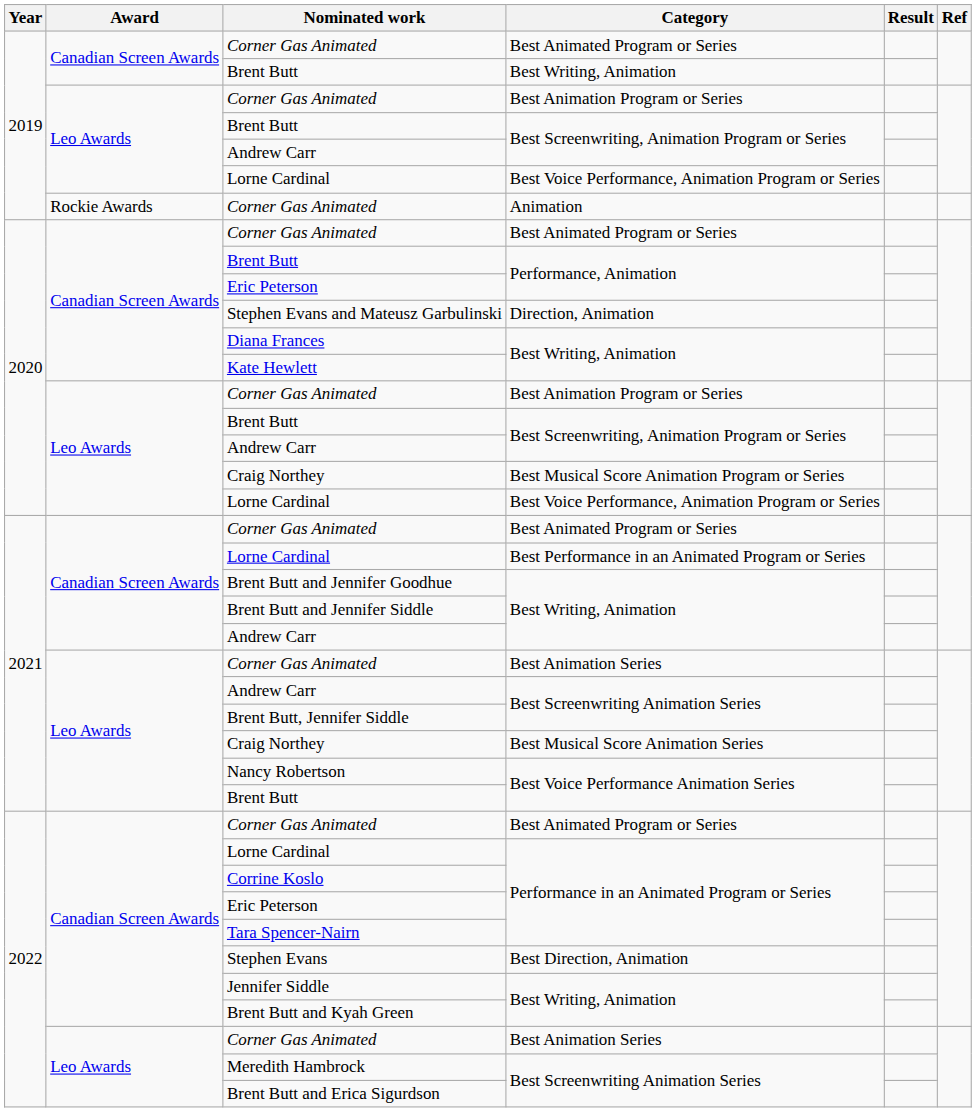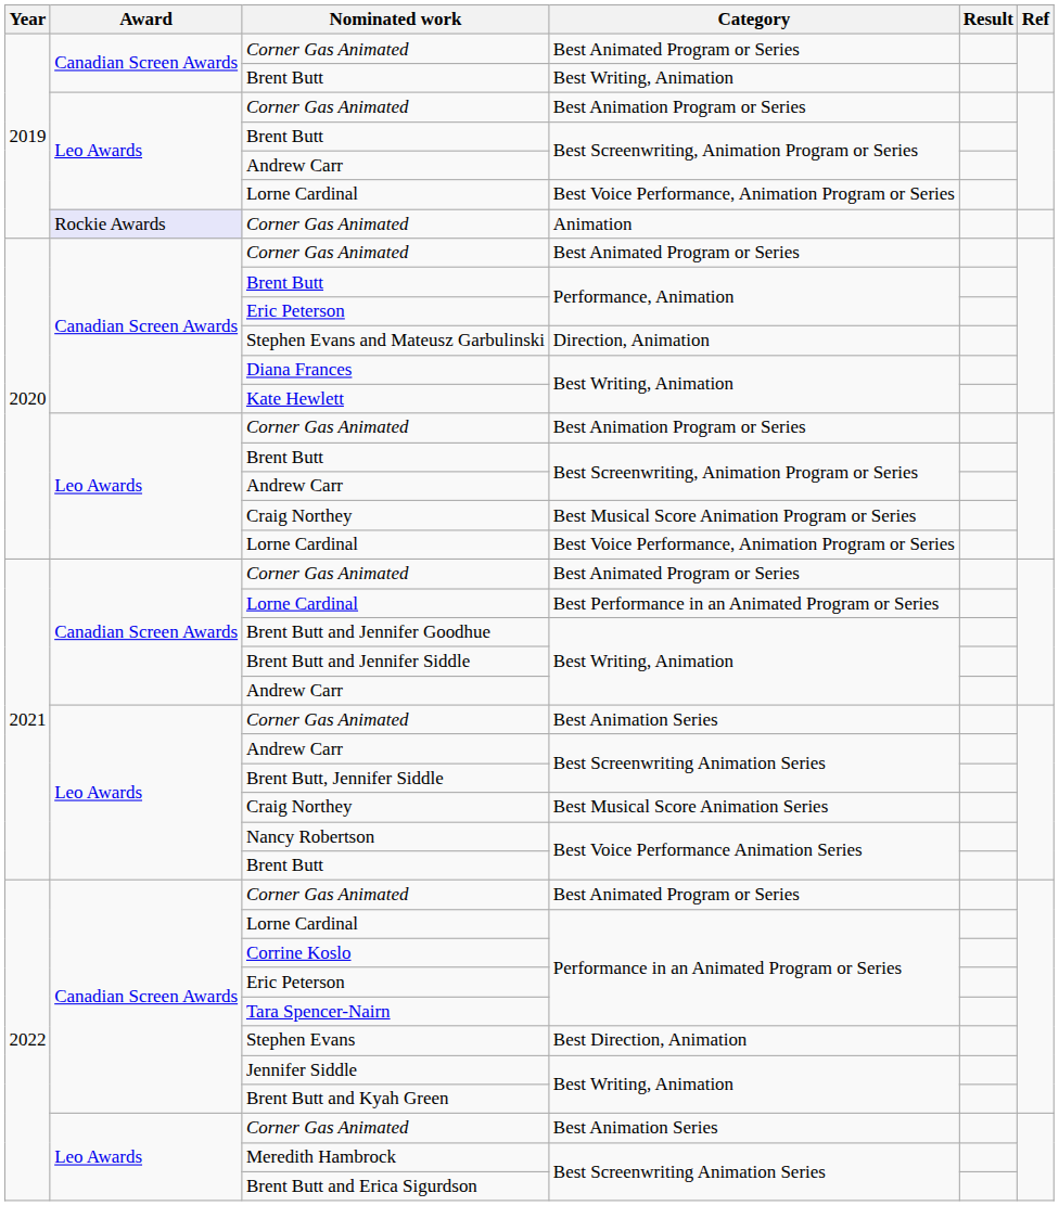 <table class="wikitable">
 <tr>
 <th style="text-align:center;">Year</th>
 <th style="text-align:center;">Award</th>
 <th style="text-align:center;">Nominated work</th>
 <th style="text-align:center;">Category</th>
 <th style="text-align:center;">Result</th>
 <th style="text-align:center;">Ref</th>
 </tr>
 <tr>
 <td rowspan="7">2019</td>
 <td rowspan="2"><a href='#'>Canadian Screen Awards</a></td>
 <td><em>Corner Gas Animated</em></td>
 <td>Best Animated Program or Series</td>
 <td></td>
 <td rowspan="2" style="text-align:center;"></td>
 </tr>
 <tr>
 <td>Brent Butt </td>
 <td>Best Writing, Animation</td>
 <td></td>
 </tr>
 <tr>
 <td rowspan="4"><a href='#'>Leo Awards</a></td>
 <td><em>Corner Gas Animated</em></td>
 <td>Best Animation Program or Series</td>
 <td></td>
 <td rowspan="4" style="text-align:center;"></td>
 </tr>
 <tr>
 <td>Brent Butt </td>
 <td rowspan=2>Best Screenwriting, Animation Program or Series</td>
 <td></td>
 </tr>
 <tr>
 <td>Andrew Carr </td>
 <td></td>
 </tr>
 <tr>
 <td>Lorne Cardinal </td>
 <td>Best Voice Performance, Animation Program or Series</td>
 <td></td>
 </tr>
 <tr>
-<td>Rockie Awards</td>
+<td style="background: lavender;">Rockie Awards</td>
 <td><em>Corner Gas Animated</em></td>
 <td>Animation</td>
 <td></td>
 <td style="text-align:center;"></td>
 </tr>
 <tr>
 <td rowspan="11">2020</td>
 <td rowspan="6"><a href='#'>Canadian Screen Awards</a></td>
 <td><em>Corner Gas Animated</em></td>
 <td>Best Animated Program or Series</td>
 <td></td>
 <td rowspan="6" style="text-align:center;"></td>
 </tr>
 <tr>
 <td><a href='#'>Brent Butt</a></td>
 <td rowspan=2>Performance, Animation</td>
 <td></td>
 </tr>
 <tr>
 <td><a href='#'>Eric Peterson</a></td>
 <td></td>
 </tr>
 <tr>
 <td>Stephen Evans and Mateusz Garbulinski </td>
 <td>Direction, Animation</td>
 <td></td>
 </tr>
 <tr>
 <td><a href='#'>Diana Frances</a> </td>
 <td rowspan=2>Best Writing, Animation</td>
 <td></td>
 </tr>
 <tr>
 <td><a href='#'>Kate Hewlett</a> </td>
 <td></td>
 </tr>
 <tr>
 <td rowspan="5"><a href='#'>Leo Awards</a></td>
 <td><em>Corner Gas Animated</em></td>
 <td>Best Animation Program or Series</td>
 <td></td>
 <td rowspan="5" style="text-align:center;"></td>
 </tr>
 <tr>
 <td>Brent Butt </td>
 <td rowspan="2">Best Screenwriting, Animation Program or Series</td>
 <td></td>
 </tr>
 <tr>
 <td>Andrew Carr </td>
 <td></td>
 </tr>
 <tr>
 <td>Craig Northey </td>
 <td>Best Musical Score Animation Program  or  Series</td>
 <td></td>
 </tr>
 <tr>
 <td>Lorne Cardinal </td>
 <td>Best Voice Performance, Animation Program or Series</td>
 <td></td>
 </tr>
 <tr>
 <td rowspan="11">2021</td>
 <td rowspan="5"><a href='#'>Canadian Screen Awards</a></td>
 <td><em>Corner Gas Animated</em></td>
 <td>Best Animated Program or Series</td>
 <td></td>
 <td rowspan=5 style="text-align:center;"></td>
 </tr>
 <tr>
 <td><a href='#'>Lorne Cardinal</a></td>
 <td>Best Performance in an Animated Program or Series</td>
 <td></td>
 </tr>
 <tr>
 <td>Brent Butt and Jennifer Goodhue </td>
 <td rowspan=3>Best Writing, Animation</td>
 <td></td>
 </tr>
 <tr>
 <td>Brent Butt and Jennifer Siddle </td>
 <td></td>
 </tr>
 <tr>
 <td>Andrew Carr </td>
 <td></td>
 </tr>
 <tr>
 <td rowspan="6"><a href='#'>Leo Awards</a></td>
 <td><em>Corner Gas Animated</em></td>
 <td>Best Animation Series</td>
 <td></td>
 <td rowspan="6" style="text-align:center;"></td>
 </tr>
 <tr>
 <td>Andrew Carr </td>
 <td rowspan="2">Best Screenwriting Animation Series</td>
 <td></td>
 </tr>
 <tr>
 <td>Brent Butt, Jennifer Siddle </td>
 <td></td>
 </tr>
 <tr>
 <td>Craig Northey </td>
 <td>Best Musical Score Animation Series</td>
 <td></td>
 </tr>
 <tr>
 <td>Nancy Robertson </td>
 <td rowspan="2">Best Voice Performance Animation Series</td>
 <td></td>
 </tr>
 <tr>
 <td>Brent Butt </td>
 <td></td>
 </tr>
 <tr>
 <td rowspan="11">2022</td>
 <td rowspan="8"><a href='#'>Canadian Screen Awards</a></td>
 <td><em>Corner Gas Animated</em></td>
 <td>Best Animated Program or Series</td>
 <td></td>
 <td rowspan="8" style="text-align:center;"></td>
 </tr>
 <tr>
 <td>Lorne Cardinal</td>
 <td rowspan="4">Performance in an Animated Program or Series</td>
 <td></td>
 </tr>
 <tr>
 <td><a href='#'>Corrine Koslo</a></td>
 <td></td>
 </tr>
 <tr>
 <td>Eric Peterson</td>
 <td></td>
 </tr>
 <tr>
 <td><a href='#'>Tara Spencer-Nairn</a></td>
 <td></td>
 </tr>
 <tr>
 <td>Stephen Evans </td>
 <td>Best Direction, Animation</td>
 <td></td>
 </tr>
 <tr>
 <td>Jennifer Siddle </td>
 <td rowspan="2">Best Writing, Animation</td>
 <td></td>
 </tr>
 <tr>
 <td>Brent Butt and Kyah Green </td>
 <td></td>
 </tr>
 <tr>
 <td rowspan="3"><a href='#'>Leo Awards</a></td>
 <td><em>Corner Gas Animated</em></td>
 <td>Best Animation Series</td>
 <td></td>
 <td rowspan="6" style="text-align:center;"></td>
 </tr>
 <tr>
 <td>Meredith Hambrock </td>
 <td rowspan="2">Best Screenwriting Animation Series</td>
 <td></td>
 </tr>
 <tr>
 <td>Brent Butt and Erica Sigurdson </td>
 <td></td>
 </tr>
 </table>
